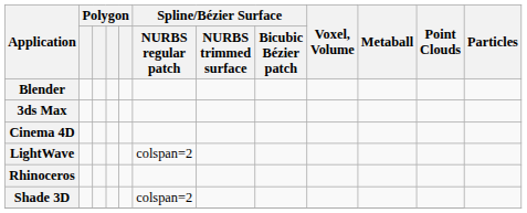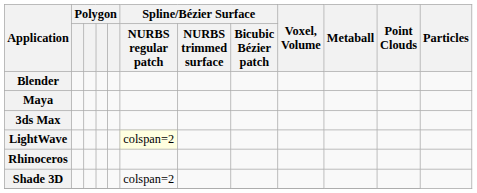 <table class="sortable sort-under wikitable" style="text-align: center; ">
 <tr>
 <th rowspan=2>Application</th>
 <th colspan=4>Polygon</th>
 <th colspan=3>Spline/Bézier Surface</th>
 <th rowspan=2>Voxel, Volume</th>
 <th rowspan=2>Metaball</th>
 <th rowspan=2>Point Clouds</th>
 <th rowspan=2>Particles </th>
 </tr>
 <tr>
 <th></th>
 <th></th>
 <th></th>
 <th> </th>
 <th>NURBS regular patch</th>
 <th>NURBS trimmed surface</th>
 <th>Bicubic Bézier patch</th>
 </tr>
 <tr>
 <th>Blender</th>
 <td></td>
 <td></td>
 <td></td>
 <td></td>
 <td></td>
 <td></td>
 <td></td>
 <td></td>
 <td></td>
 <td></td>
 <td></td>
 </tr>
 <tr>
-<th>3ds Max</th>
+<th>Maya</th>
 <td></td>
 <td></td>
 <td></td>
 <td></td>
 <td></td>
 <td></td>
 <td></td>
 <td></td>
 <td></td>
 <td></td>
 <td></td>
 </tr>
 <tr>
-<th>Cinema 4D </th>
+<th>3ds Max</th>
 <td></td>
 <td></td>
 <td></td>
 <td></td>
 <td></td>
 <td></td>
 <td></td>
 <td></td>
 <td></td>
 <td></td>
 <td></td>
 </tr>
 <tr>
 <th>LightWave</th>
 <td></td>
 <td></td>
 <td></td>
 <td></td>
-<td>colspan=2 </td>
+<td style="background: lightyellow;">colspan=2 </td>
 <td></td>
 <td></td>
 <td></td>
 <td></td>
 <td></td>
 </tr>
 <tr>
 <th>Rhinoceros</th>
 <td></td>
 <td></td>
 <td></td>
 <td></td>
 <td></td>
 <td></td>
 <td></td>
 <td></td>
 <td></td>
 <td></td>
 <td></td>
 </tr>
 <tr>
 <th>Shade 3D</th>
 <td></td>
 <td></td>
 <td></td>
 <td></td>
 <td>colspan=2 </td>
 <td></td>
 <td></td>
 <td></td>
 <td></td>
 <td></td>
 </tr>
 <tr>
 </tr>
 </table>
